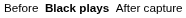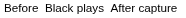 <table border="0" cellspacing="0" cellpadding="0">
 <tr valign="top">
 <td><br></td>
 <td>  </td>
 <td><br></td>
 <td>  </td>
 <td><br></td>
 </tr>
 <tr valign="top">
 <td>Before</td>
 <td>  </td>
-<td><strong>Black plays</strong></td>
+<td>Black plays</td>
 <td>  </td>
 <td>After capture</td>
 </tr>
 </table>
